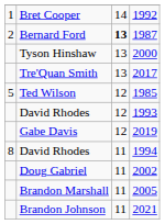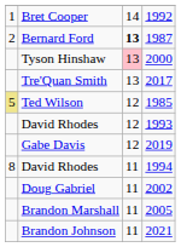 <table class="wikitable">
 <tr>
 </tr>
 <tr>
 <td>1</td>
 <td><a href='#'>Bret Cooper</a></td>
 <td>14</td>
 <td><a href='#'>1992</a></td>
 </tr>
 <tr>
 <td>2</td>
 <td><a href='#'>Bernard Ford</a></td>
 <td><strong>13</strong></td>
 <td><a href='#'>1987</a></td>
 </tr>
 <tr>
 <td></td>
 <td>Tyson Hinshaw</td>
-<td>13</td>
+<td style="background: pink;">13</td>
 <td><a href='#'>2000</a></td>
 </tr>
 <tr>
 <td></td>
 <td><a href='#'>Tre'Quan Smith</a></td>
 <td>13</td>
 <td><a href='#'>2017</a></td>
 </tr>
 <tr>
-<td>5</td>
+<td style="background: khaki;">5</td>
 <td><a href='#'>Ted Wilson</a></td>
 <td>12</td>
 <td><a href='#'>1985</a></td>
 </tr>
 <tr>
 <td></td>
 <td>David Rhodes</td>
 <td>12</td>
 <td><a href='#'>1993</a></td>
 </tr>
 <tr>
 <td></td>
 <td><a href='#'>Gabe Davis</a></td>
 <td>12</td>
 <td><a href='#'>2019</a></td>
 </tr>
 <tr>
 <td>8</td>
 <td>David Rhodes</td>
 <td>11</td>
 <td><a href='#'>1994</a></td>
 </tr>
 <tr>
 <td></td>
 <td><a href='#'>Doug Gabriel</a></td>
 <td>11</td>
 <td><a href='#'>2002</a></td>
 </tr>
 <tr>
 <td></td>
 <td><a href='#'>Brandon Marshall</a></td>
 <td>11</td>
 <td><a href='#'>2005</a></td>
 </tr>
 <tr>
 <td></td>
 <td><a href='#'>Brandon Johnson</a></td>
 <td>11</td>
 <td><a href='#'>2021</a></td>
 </tr>
 </table>
